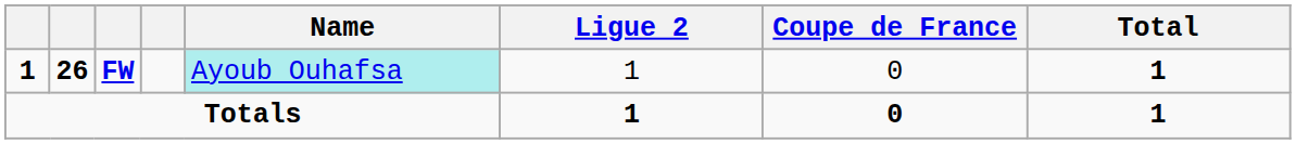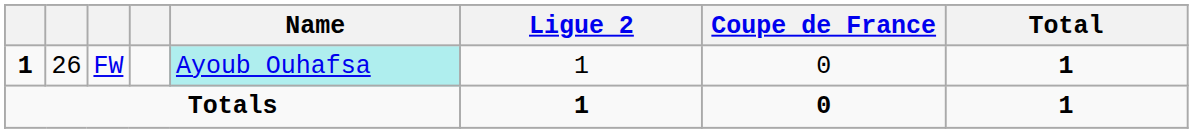 <table class="wikitable" style="text-align:center">
 <tr>
 <th width=15></th>
 <th width=15></th>
 <th width=15></th>
 <th width=15></th>
 <th width=145>Name</th>
 <th width=120><a href='#'>Ligue 2</a></th>
 <th width=120><a href='#'>Coupe de France</a></th>
 <th width=120>Total</th>
 </tr>
 <tr>
 <td><strong>1 </strong></td>
-<td><strong>26</strong></td>
-<td><strong><a href='#'>FW</a></strong></td>
+<td>26</td>
+<td><a href='#'>FW</a></td>
 <td></td>
 <td align=left style="background: paleturquoise;"><a href='#'>Ayoub Ouhafsa</a></td>
 <td>1</td>
 <td>0</td>
 <td><strong>1 </strong></td>
 </tr>
 <tr>
 <td colspan=5><strong>Totals</strong></td>
 <td><strong>1 </strong></td>
 <td><strong>0 </strong></td>
 <td><strong>1 </strong></td>
 </tr>
 </table>
